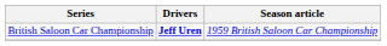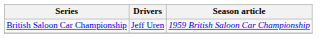 <table class="wikitable" style="font-size: 87%;">
 <tr>
 <th>Series</th>
 <th>Drivers</th>
 <th>Season article</th>
 </tr>
 <tr>
 <td><a href='#'>British Saloon Car Championship</a></td>
-<td><strong> <a href='#'>Jeff Uren</a></strong></td>
+<td> <a href='#'>Jeff Uren</a></td>
 <td><em><a href='#'>1959 British Saloon Car Championship</a></em></td>
 </tr>
 <tr>
 </tr>
 </table>
